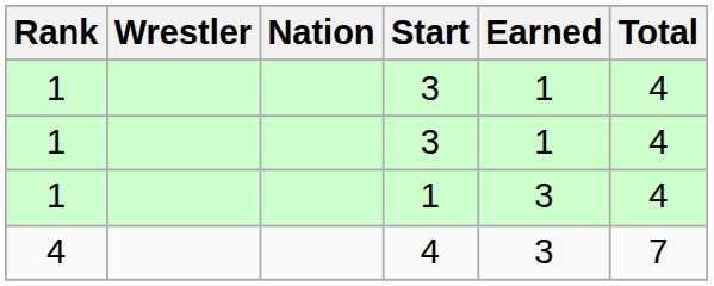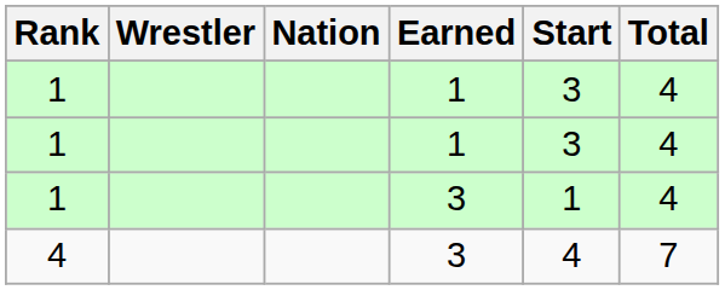 <table class="wikitable sortable" style="text-align:center;">
 <tr>
 <th>Rank</th>
 <th>Wrestler</th>
 <th>Nation</th>
+<th>Earned</th>
 <th>Start</th>
-<th>Earned</th>
 <th>Total</th>
 </tr>
 <tr style="background:#cfc;">
 <td>1</td>
 <td align=left></td>
 <td align=left></td>
+<td>1</td>
 <td>3</td>
+<td>4</td>
+</tr>
+<tr style="background:#cfc;">
 <td>1</td>
+<td align=left></td>
+<td align=left></td>
+<td>1</td>
+<td>3</td>
 <td>4</td>
 </tr>
 <tr style="background:#cfc;">
 <td>1</td>
 <td align=left></td>
 <td align=left></td>
 <td>3</td>
 <td>1</td>
 <td>4</td>
 </tr>
-<tr style="background:#cfc;">
-<td>1</td>
-<td align=left></td>
-<td align=left></td>
-<td>1</td>
-<td>3</td>
-<td>4</td>
-</tr>
 <tr>
 <td>4</td>
 <td align=left></td>
 <td align=left></td>
+<td>3</td>
 <td>4</td>
-<td>3</td>
 <td>7</td>
 </tr>
 </table>
